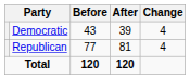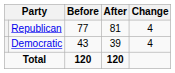 <table class="wikitable" style="text-align:center;">
 <tr>
 <th colspan="2">Party</th>
 <th>Before</th>
 <th>After</th>
 <th>Change</th>
 </tr>
 <tr>
 <th style="background-color:"></th>
-<td style="text-align:left;"><a href='#'>Democratic</a></td>
-<td>43</td>
-<td>39</td>
+<td style="text-align:left;"><a href='#'>Republican</a></td>
+<td>77</td>
+<td>81</td>
 <td> 4</td>
 </tr>
 <tr>
 <th style="background-color:"></th>
-<td style="text-align:left;"><a href='#'>Republican</a></td>
-<td>77</td>
-<td>81</td>
+<td style="text-align:left;"><a href='#'>Democratic</a></td>
+<td>43</td>
+<td>39</td>
 <td> 4</td>
 </tr>
 <tr>
 <td colspan="2"><strong>Total</strong></td>
 <td><strong>120</strong></td>
 <td><strong>120</strong></td>
 <td></td>
 </tr>
 </table>
